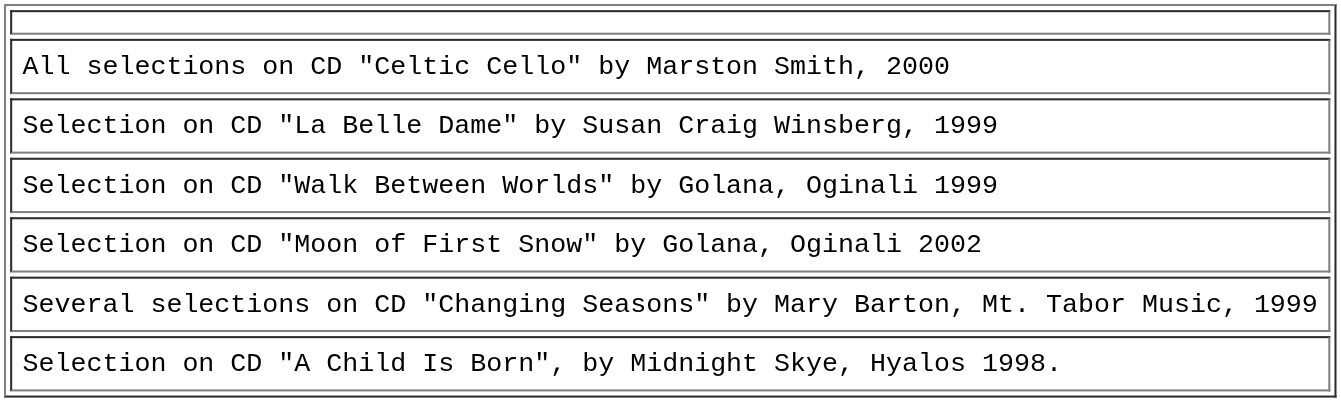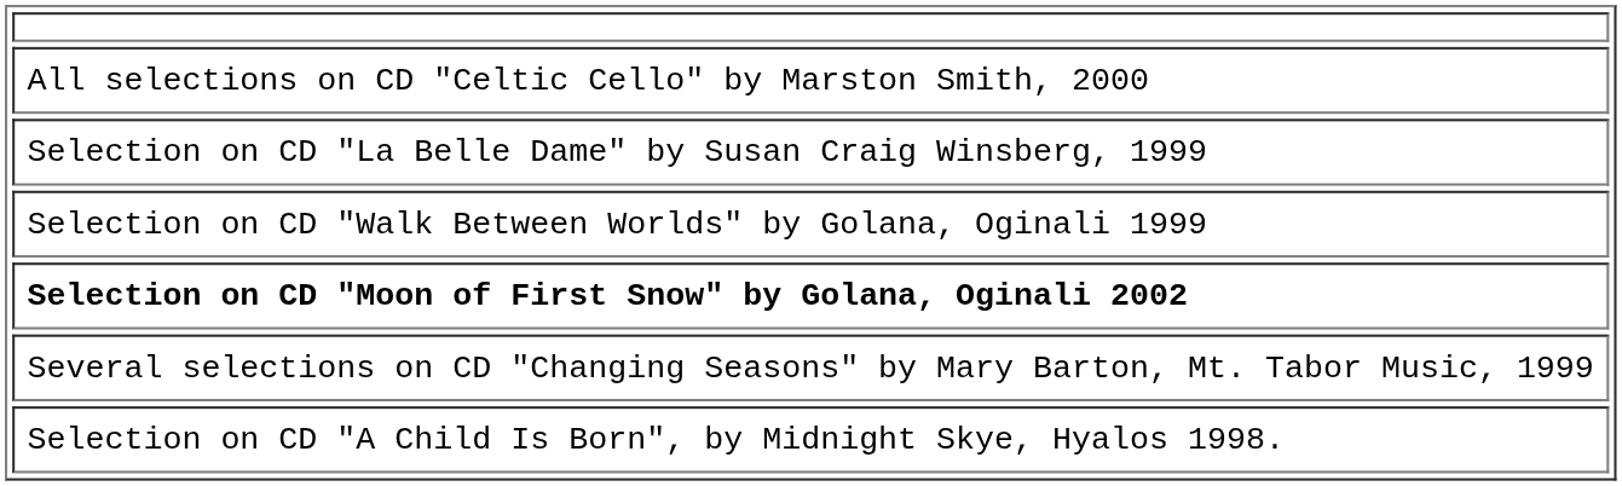 <table border="1" cellpadding="5" colspan="2">
 <tr>
 <th></th>
 </tr>
 <tr>
 <td>All selections on CD "Celtic Cello" by Marston Smith, 2000</td>
 </tr>
 <tr>
 <td>Selection on CD "La Belle Dame" by Susan Craig Winsberg, 1999</td>
 </tr>
 <tr>
 <td>Selection on CD "Walk Between Worlds" by Golana, Oginali 1999</td>
 </tr>
 <tr>
-<td>Selection on CD "Moon of First Snow" by Golana, Oginali 2002</td>
+<td><strong>Selection on CD "Moon of First Snow" by Golana, Oginali 2002</strong></td>
 </tr>
 <tr>
 <td>Several selections on CD "Changing Seasons" by Mary Barton, Mt. Tabor Music, 1999</td>
 </tr>
 <tr>
 <td>Selection on CD "A Child Is Born", by Midnight Skye, Hyalos 1998.</td>
 </tr>
 </table>
